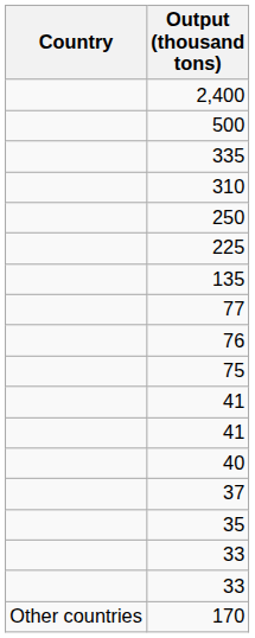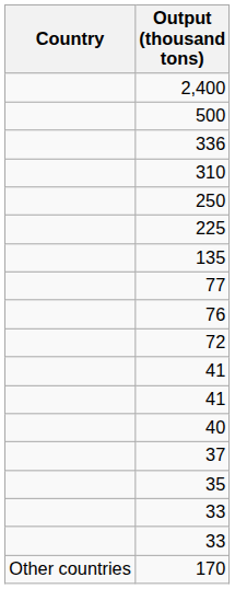 <table class="wikitable sortable collapsible">
 <tr>
 <th>Country</th>
 <th data-sort-type="number">Output<br>(thousand<br> tons)</th>
 </tr>
 <tr>
 <td></td>
 <td align="right">2,400</td>
 </tr>
 <tr>
 <td></td>
 <td align="right">500</td>
 </tr>
 <tr>
 <td></td>
-<td align="right">335</td>
+<td align="right">336</td>
 </tr>
 <tr>
 <td></td>
 <td align="right">310</td>
 </tr>
 <tr>
 <td></td>
 <td align="right">250</td>
 </tr>
 <tr>
 <td></td>
 <td align="right">225</td>
 </tr>
 <tr>
 <td></td>
 <td align="right">135</td>
 </tr>
 <tr>
 <td></td>
 <td align="right">77</td>
 </tr>
 <tr>
 <td></td>
 <td align="right">76</td>
 </tr>
 <tr>
 <td></td>
-<td align="right">75</td>
+<td align="right">72</td>
 </tr>
 <tr>
 <td></td>
 <td align="right">41</td>
 </tr>
 <tr>
 <td></td>
 <td align="right">41</td>
 </tr>
 <tr>
 <td></td>
 <td align="right">40</td>
 </tr>
 <tr>
 <td></td>
 <td align="right">37</td>
 </tr>
 <tr>
 <td></td>
 <td align="right">35</td>
 </tr>
 <tr>
 <td></td>
 <td align="right">33</td>
 </tr>
 <tr>
 <td></td>
 <td align="right">33</td>
 </tr>
 <tr>
 <td>Other countries</td>
 <td align="right">170</td>
 </tr>
 </table>
